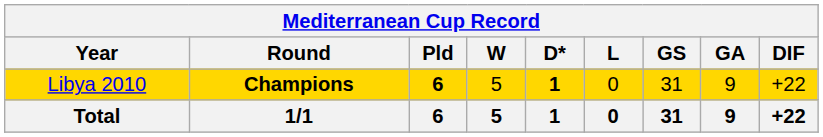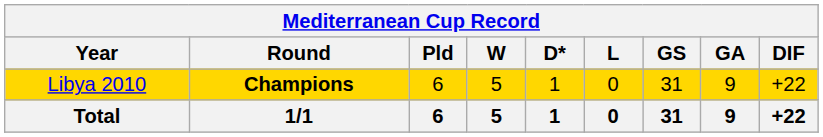 <table class="wikitable" style="text-align: center;font-size:90%;">
 <tr>
 <th colspan=9><a href='#'>Mediterranean Cup Record</a></th>
 </tr>
 <tr>
 <th width=125>Year</th>
 <th width=150>Round</th>
 <th width=35>Pld</th>
 <th width=35>W</th>
 <th width=35>D*</th>
 <th width=35>L</th>
 <th width=35>GS</th>
 <th width=35>GA</th>
 <th width=35>DIF</th>
 </tr>
 <tr bgcolor=gold>
 <td><a href='#'>Libya 2010</a></td>
 <td><strong>Champions</strong></td>
-<td><strong>6</strong></td>
+<td>6</td>
 <td>5</td>
-<td><strong>1</strong></td>
+<td>1</td>
 <td>0</td>
 <td>31</td>
 <td>9</td>
 <td>+22</td>
 </tr>
 <tr>
 <th><strong>Total</strong></th>
 <th>1/1</th>
 <th>6</th>
 <th>5</th>
 <th>1</th>
 <th>0</th>
 <th>31</th>
 <th>9</th>
 <th>+22</th>
 </tr>
 </table>
